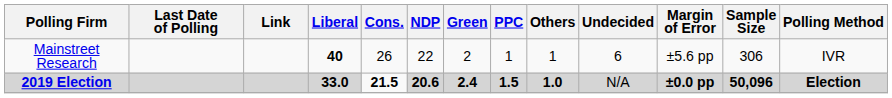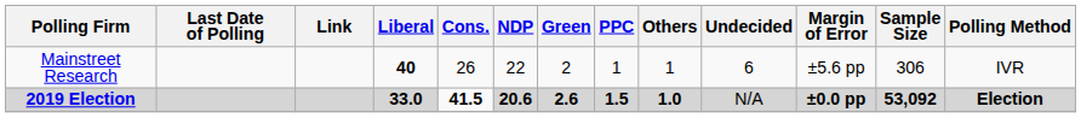 <table class="wikitable sortable" style="text-align:center;font-size:90%;line-height:14px;">
 <tr style="background:#e9e9e9;">
 <th style="width:120px">Polling Firm</th>
 <th style="width:110px">Last Date<br>of Polling</th>
 <th style="width:60px" class="unsortable">Link</th>
 <th style="background-color:"><a href='#'>Liberal</a></th>
 <th style="background-color:"><a href='#'>Cons.</a></th>
 <th style="background-color:"><a href='#'>NDP</a></th>
 <th style="background-color:"><a href='#'>Green</a></th>
 <th style="background-color:"><a href='#'><span>PPC</span></a></th>
 <th style="background-color:">Others</th>
 <th style="background-color:">Undecided</th>
 <th style="width:60px;" class=unsortable>Margin<br>of Error</th>
 <th style="width:50px;" class=unsortable>Sample<br>Size</th>
 <th class=unsortable>Polling Method</th>
 </tr>
 <tr>
 <td><a href='#'>Mainstreet Research</a></td>
 <td></td>
 <td></td>
 <td><strong>40</strong></td>
 <td>26</td>
 <td>22</td>
 <td>2</td>
 <td>1</td>
 <td>1</td>
 <td>6</td>
 <td>±5.6 pp</td>
 <td>306</td>
 <td>IVR</td>
 </tr>
 <tr>
 <td style="background:#D5D5D5"><strong><a href='#'>2019 Election</a></strong></td>
 <td style="background:#D5D5D5"><strong></strong></td>
 <td style="background:#D5D5D5"></td>
 <td style="background:#D5D5D5"><strong>33.0</strong></td>
-<td><strong>21.5</strong></td>
+<td><strong>41.5</strong></td>
 <td style="background:#D5D5D5"><strong>20.6</strong></td>
-<td style="background:#D5D5D5"><strong>2.4</strong></td>
+<td style="background:#D5D5D5"><strong>2.6</strong></td>
 <td style="background:#D5D5D5"><strong>1.5</strong></td>
 <td style="background:#D5D5D5"><strong>1.0</strong></td>
 <td style="background:#D5D5D5">N/A</td>
 <td style="background:#D5D5D5"><strong>±0.0 pp</strong></td>
-<td style="background:#D5D5D5"><strong>50,096</strong></td>
+<td style="background:#D5D5D5"><strong>53,092</strong></td>
 <td style="background:#D5D5D5"><strong>Election</strong></td>
 </tr>
 <tr>
 </tr>
 </table>
